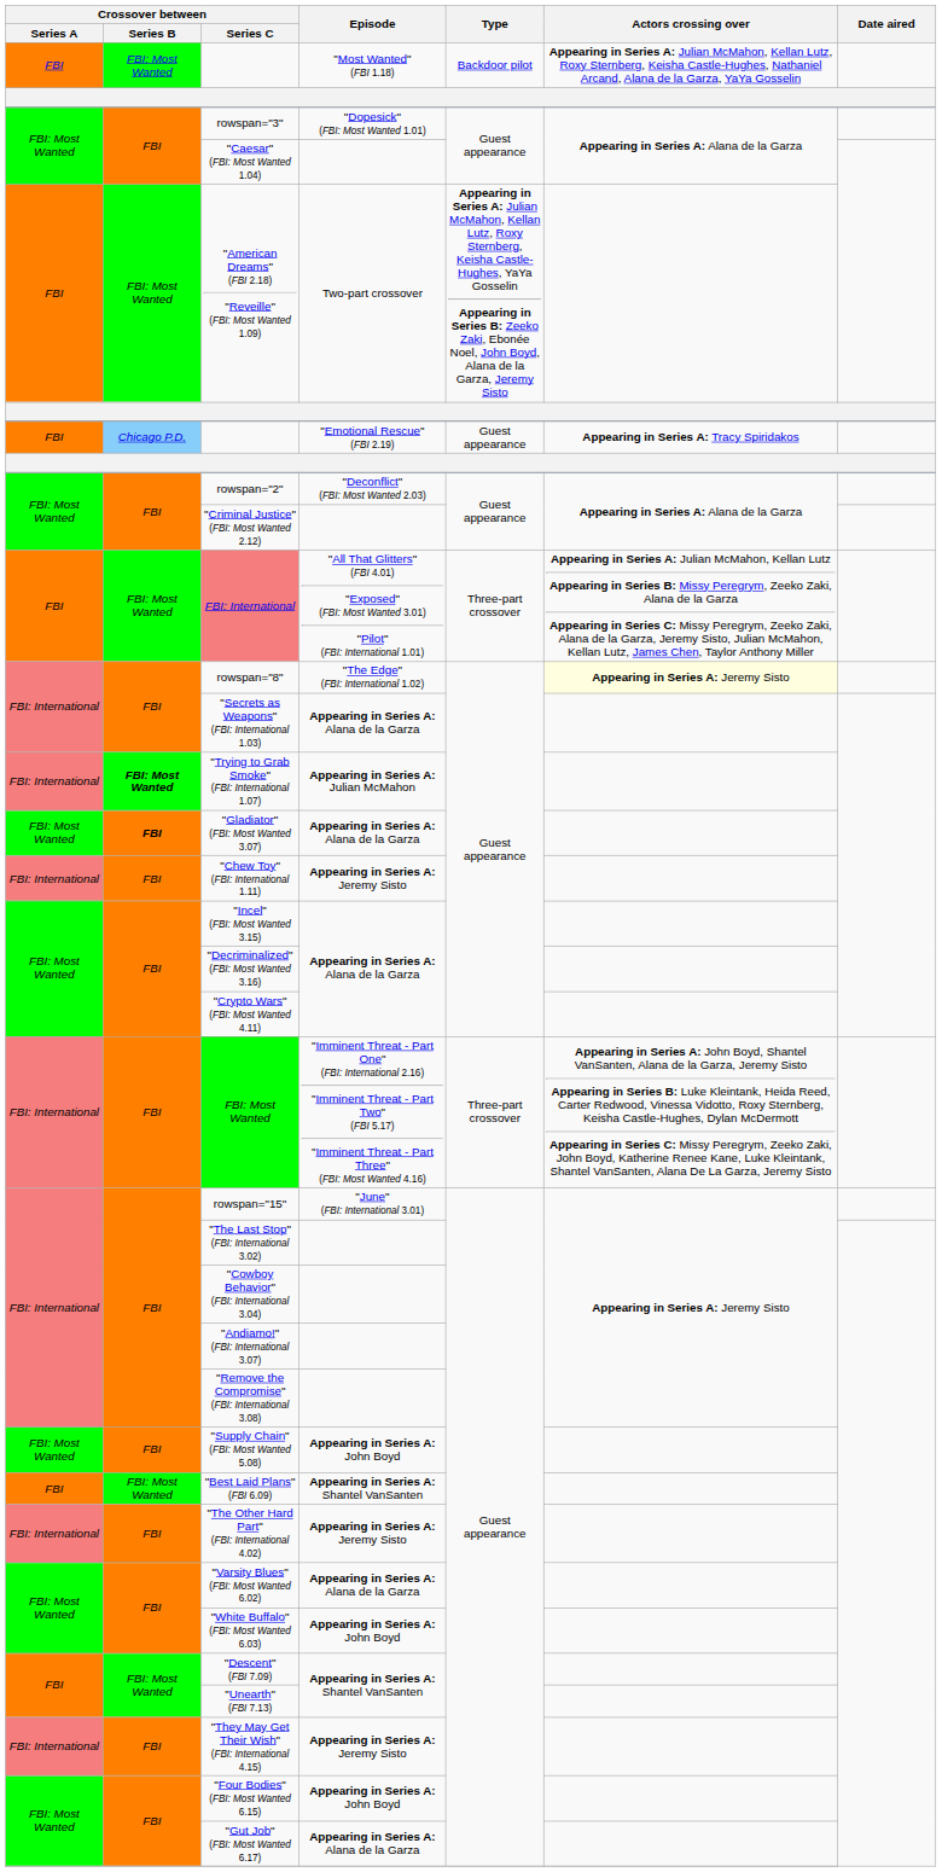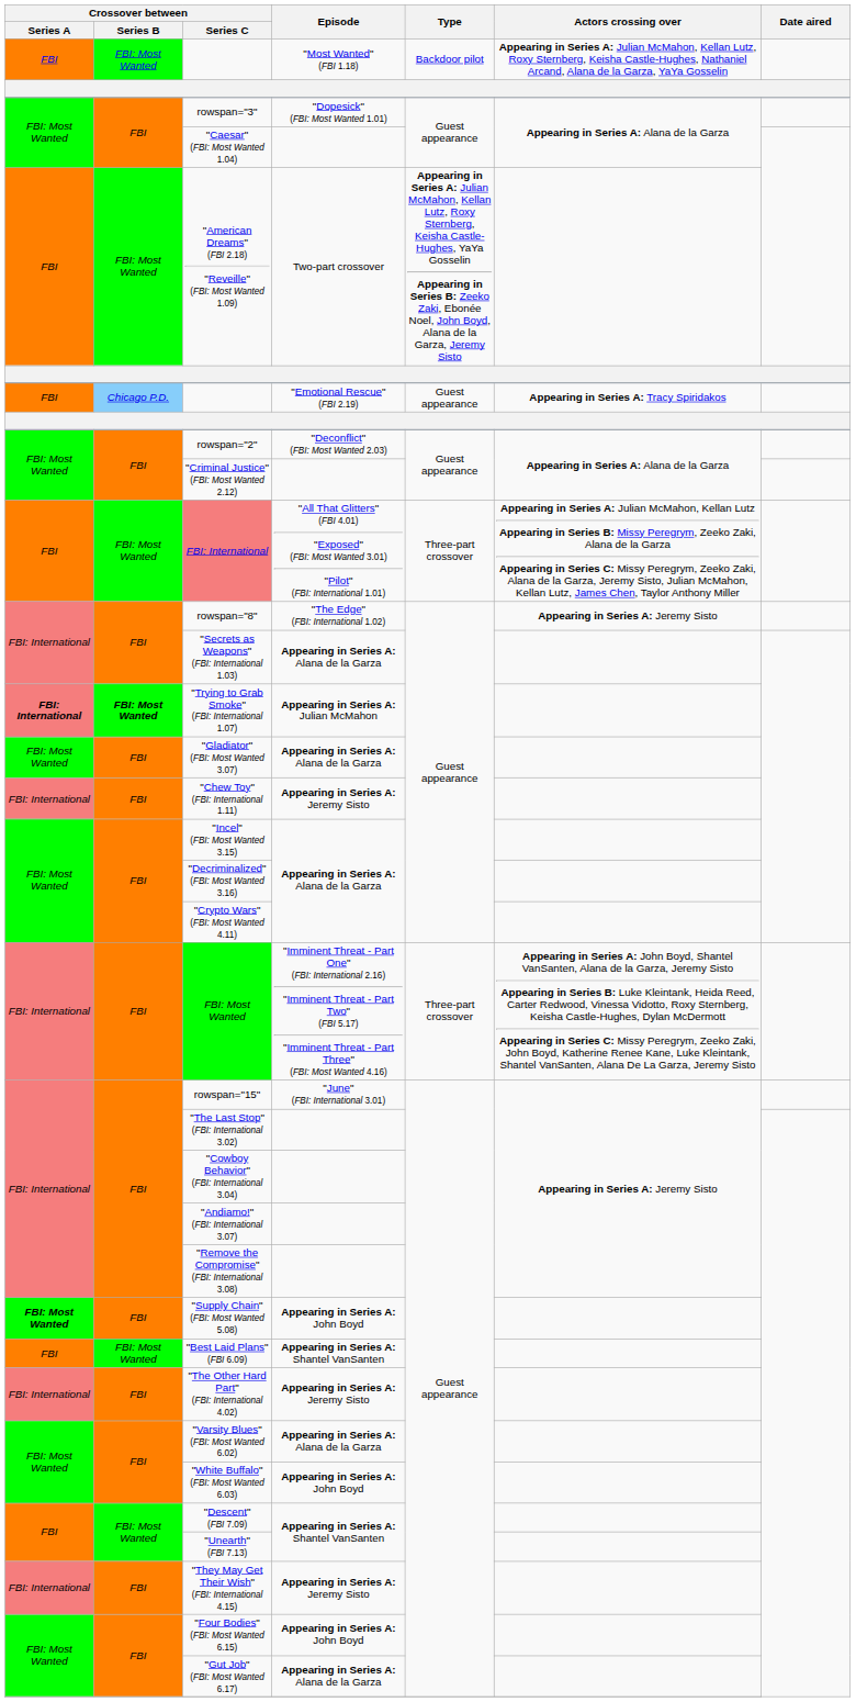 <table class="wikitable" width="100%" style="text-align:center;">
 <tr>
 <th colspan="3" width="30%">Crossover between</th>
 <th rowspan="2" width="15%">Episode</th>
 <th rowspan="2" width="10%">Type</th>
 <th rowspan="2" width="30%">Actors crossing over</th>
 <th rowspan="2" width="10%">Date aired</th>
 </tr>
 <tr>
 <th width="10%">Series A</th>
 <th width="10%">Series B</th>
 <th width="10%">Series C</th>
 </tr>
 <tr>
 <td bgcolor=#FF7F00><em><a href='#'>FBI</a></em></td>
 <td bgcolor=#00FF00><em><a href='#'>FBI: Most Wanted</a></em></td>
 <td></td>
 <td>"<a href='#'>Most Wanted</a>"<br><small>(<em>FBI</em> 1.18)</small></td>
 <td><a href='#'>Backdoor pilot</a></td>
 <td><strong>Appearing in Series A:</strong> <a href='#'>Julian McMahon</a>, <a href='#'>Kellan Lutz</a>, <a href='#'>Roxy Sternberg</a>, <a href='#'>Keisha Castle-Hughes</a>, <a href='#'>Nathaniel Arcand</a>, <a href='#'>Alana de la Garza</a>, <a href='#'>YaYa Gosselin</a></td>
 <td></td>
 </tr>
 <tr>
 <td colspan="7" bgcolor=#F2F2F2 style="text-align:left; border-bottom:2px solid #a2a9b1"><br></td>
 </tr>
 <tr>
 <td rowspan="2" style="background:#00FF00;"><em>FBI: Most Wanted</em></td>
 <td rowspan="2" style="background:#FF7F00;"><em>FBI</em></td>
 <td>rowspan="3" </td>
 <td>"<a href='#'>Dopesick</a>"<br><small>(<em>FBI: Most Wanted</em> 1.01)</small></td>
 <td rowspan="2">Guest appearance</td>
 <td rowspan="2"><strong>Appearing in Series A:</strong> Alana de la Garza</td>
 <td><br></td>
 </tr>
 <tr>
 <td>"<a href='#'>Caesar</a>"<br><small>(<em>FBI: Most Wanted</em> 1.04)</small></td>
 <td><br></td>
 </tr>
 <tr>
 <td style="background:#FF7F00;"><em>FBI</em></td>
 <td style="background:#00FF00;"><em>FBI: Most Wanted</em></td>
 <td>"<a href='#'>American Dreams</a>"<br><small>(<em>FBI</em> 2.18)</small><hr> "<a href='#'>Reveille</a>"<br><small>(<em>FBI: Most Wanted</em> 1.09)</small></td>
 <td>Two-part crossover</td>
 <td><strong>Appearing in Series A:</strong> <a href='#'>Julian McMahon</a>, <a href='#'>Kellan Lutz</a>, <a href='#'>Roxy Sternberg</a>, <a href='#'>Keisha Castle-Hughes</a>, YaYa Gosselin <hr><strong>Appearing in Series B:</strong> <a href='#'>Zeeko Zaki</a>, Ebonée Noel, <a href='#'>John Boyd</a>, Alana de la Garza, <a href='#'>Jeremy Sisto</a></td>
 <td></td>
 </tr>
 <tr>
 <td colspan="7" bgcolor=#F2F2F2 style="text-align:left; border-bottom:2px solid #a2a9b1"><br></td>
 </tr>
 <tr>
 <td style="background:#FF7F00;"><em>FBI</em></td>
 <td style="background:#87cefa;"><em><a href='#'>Chicago P.D.</a></em></td>
 <td></td>
 <td>"<a href='#'>Emotional Rescue</a>"<br><small>(<em>FBI</em> 2.19)</small></td>
 <td>Guest appearance</td>
 <td><strong>Appearing in Series A:</strong> <a href='#'>Tracy Spiridakos</a></td>
 <td></td>
 </tr>
 <tr>
 <td colspan="7" bgcolor=#F2F2F2 style="text-align:left; border-bottom:2px solid #a2a9b1"><br></td>
 </tr>
 <tr>
 <td rowspan="2" style="background:#00FF00;"><em>FBI: Most Wanted</em></td>
 <td rowspan="2" style="background:#FF7F00;"><em>FBI</em></td>
 <td>rowspan="2" </td>
 <td>"<a href='#'>Deconflict</a>"<br><small>(<em>FBI: Most Wanted</em> 2.03)</small></td>
 <td rowspan="2">Guest appearance</td>
 <td rowspan="2"><strong>Appearing in Series A:</strong> Alana de la Garza</td>
 <td><br></td>
 </tr>
 <tr>
 <td>"<a href='#'>Criminal Justice</a>"<br><small>(<em>FBI: Most Wanted</em> 2.12)</small></td>
 <td><br></td>
 </tr>
 <tr>
 <td style="background:#FF7F00;"><em>FBI</em></td>
 <td style="background:#00FF00;"><em>FBI: Most Wanted</em></td>
 <td style="background:#F57D7D"><em><a href='#'>FBI: International</a></em></td>
 <td>"<a href='#'>All That Glitters</a>"<br><small>(<em>FBI</em> 4.01)</small><hr> "<a href='#'>Exposed</a>"<br><small>(<em>FBI: Most Wanted</em> 3.01)</small><hr> "<a href='#'>Pilot</a>"<br><small>(<em>FBI: International</em> 1.01)</small></td>
 <td>Three-part crossover</td>
 <td><strong>Appearing in Series A:</strong> Julian McMahon, Kellan Lutz <hr><strong>Appearing in Series B:</strong> <a href='#'>Missy Peregrym</a>, Zeeko Zaki, Alana de la Garza <hr><strong>Appearing in Series C:</strong> Missy Peregrym, Zeeko Zaki, Alana de la Garza, Jeremy Sisto, Julian McMahon, Kellan Lutz, <a href='#'>James Chen</a>, Taylor Anthony Miller</td>
 <td><br></td>
 </tr>
 <tr>
 <td rowspan="2" style="background:#F57D7D;"><em>FBI: International</em></td>
 <td rowspan="2" style="background:#FF7F00;"><em>FBI</em></td>
 <td>rowspan="8" </td>
 <td>"<a href='#'>The Edge</a>"<br><small>(<em>FBI: International</em> 1.02)</small></td>
 <td rowspan="8">Guest appearance</td>
-<td style="background: lightyellow;"><strong>Appearing in Series A:</strong> Jeremy Sisto</td>
+<td><strong>Appearing in Series A:</strong> Jeremy Sisto</td>
 <td><br></td>
 </tr>
 <tr>
 <td>"<a href='#'>Secrets as Weapons</a>"<br><small>(<em>FBI: International</em> 1.03)</small></td>
 <td><strong>Appearing in Series A:</strong> Alana de la Garza</td>
 <td><br></td>
 </tr>
 <tr>
-<td style="background:#F57D7D;"><em>FBI: International</em></td>
+<td style="background:#F57D7D;"><strong><em>FBI: International</em></strong></td>
 <td style="background:#00FF00;"><strong><em>FBI: Most Wanted</em></strong></td>
 <td>"<a href='#'>Trying to Grab Smoke</a>"<br><small>(<em>FBI: International</em> 1.07)</small></td>
 <td><strong>Appearing in Series A:</strong> Julian McMahon</td>
 <td><br></td>
 </tr>
 <tr>
 <td style="background:#00FF00;"><em>FBI: Most Wanted</em></td>
-<td style="background:#FF7F00;"><strong><em>FBI</em></strong></td>
+<td style="background:#FF7F00;"><em>FBI</em></td>
 <td>"<a href='#'>Gladiator</a>"<br><small>(<em>FBI: Most Wanted</em> 3.07)</small></td>
 <td><strong>Appearing in Series A:</strong> Alana de la Garza</td>
 <td><br></td>
 </tr>
 <tr>
 <td style="background:#F57D7D;"><em>FBI: International</em></td>
 <td style="background:#FF7F00;"><em>FBI</em></td>
 <td>"<a href='#'>Chew Toy</a>"<br><small>(<em>FBI: International</em> 1.11)</small></td>
 <td><strong>Appearing in Series A:</strong> Jeremy Sisto</td>
 <td><br></td>
 </tr>
 <tr>
 <td rowspan="3" style="background:#00FF00;"><em>FBI: Most Wanted</em></td>
 <td rowspan="3" style="background:#FF7F00;"><em>FBI</em></td>
 <td>"<a href='#'>Incel</a>"<br><small>(<em>FBI: Most Wanted</em> 3.15)</small></td>
 <td rowspan="3"><strong>Appearing in Series A:</strong> Alana de la Garza</td>
 <td><br></td>
 </tr>
 <tr>
 <td>"<a href='#'>Decriminalized</a>"<br><small>(<em>FBI: Most Wanted</em> 3.16)</small></td>
 <td><br></td>
 </tr>
 <tr>
 <td>"<a href='#'>Crypto Wars</a>"<br><small>(<em>FBI: Most Wanted</em> 4.11)</small></td>
 <td><br></td>
 </tr>
 <tr>
 <td style="background:#F57D7D"><em>FBI: International</em></td>
 <td style="background:#FF7F00;"><em>FBI</em></td>
 <td style="background:#00FF00;"><em>FBI: Most Wanted</em></td>
 <td>"<a href='#'>Imminent Threat - Part One</a>"<br><small>(<em>FBI: International</em> 2.16)</small><hr>"<a href='#'>Imminent Threat - Part Two</a>"<br><small>(<em>FBI</em> 5.17)</small><hr>"<a href='#'>Imminent Threat - Part Three</a>"<br><small>(<em>FBI: Most Wanted</em> 4.16)</small></td>
 <td>Three-part crossover</td>
 <td><strong>Appearing in Series A:</strong> John Boyd, Shantel VanSanten, Alana de la Garza, Jeremy Sisto <hr><strong>Appearing in Series B:</strong> Luke Kleintank, Heida Reed, Carter Redwood, Vinessa Vidotto, Roxy Sternberg, Keisha Castle-Hughes, Dylan McDermott<hr><strong>Appearing in Series C:</strong> Missy Peregrym, Zeeko Zaki, John Boyd, Katherine Renee Kane, Luke Kleintank, Shantel VanSanten, Alana De La Garza, Jeremy Sisto</td>
 <td></td>
 </tr>
 <tr>
 <td rowspan="5" style="background:#F57D7D;"><em>FBI: International</em></td>
 <td rowspan="5" style="background:#FF7F00;"><em>FBI</em></td>
 <td>rowspan="15" </td>
 <td>"<a href='#'>June</a>"<br><small>(<em>FBI: International</em> 3.01)</small></td>
 <td rowspan="15">Guest appearance</td>
 <td rowspan="5"><strong>Appearing in Series A:</strong> Jeremy Sisto</td>
 <td><br></td>
 </tr>
 <tr>
 <td>"<a href='#'>The Last Stop</a>"<br><small>(<em>FBI: International</em> 3.02)</small></td>
 <td><br></td>
 </tr>
 <tr>
 <td>"<a href='#'>Cowboy Behavior</a>"<br><small>(<em>FBI: International </em>3.04)</small></td>
 <td><br></td>
 </tr>
 <tr>
 <td>"<a href='#'>Andiamo!</a>"<br><small>(<em>FBI: International </em>3.07)</small></td>
 <td><br></td>
 </tr>
 <tr>
 <td>"<a href='#'>Remove the Compromise</a>"<br><small>(<em>FBI: International </em>3.08)</small></td>
 <td><br></td>
 </tr>
 <tr>
-<td rowspan="1" style="background:#00FF00;"><em>FBI: Most Wanted</em></td>
+<td rowspan="1" style="background:#00FF00;"><strong><em>FBI: Most Wanted</em></strong></td>
 <td rowspan="1" style="background:#FF7F00;"><em>FBI</em></td>
 <td>"<a href='#'>Supply Chain</a>"<br><small>(<em>FBI: Most Wanted</em> 5.08)</small></td>
 <td><strong>Appearing in Series A:</strong> John Boyd</td>
 <td><br></td>
 </tr>
 <tr>
 <td rowspan="1" style="background:#FF7F00;"><em>FBI</em></td>
 <td rowspan="1" style="background:#00FF00;"><em>FBI: Most Wanted</em></td>
 <td>"<a href='#'>Best Laid Plans</a>"<br><small>(<em>FBI</em> 6.09)</small></td>
 <td><strong>Appearing in Series A:</strong> Shantel VanSanten</td>
 <td></td>
 </tr>
 <tr>
 <td rowspan="1" style="background:#F57D7D;"><em>FBI: International</em></td>
 <td rowspan="1" style="background:#FF7F00;"><em>FBI</em></td>
 <td>"<a href='#'>The Other Hard Part</a>"<br><small>(<em>FBI: International</em> 4.02)</small></td>
 <td rowspan="1"><strong>Appearing in Series A:</strong> Jeremy Sisto</td>
 <td></td>
 </tr>
 <tr>
 <td rowspan="2" style="background:#00FF00;"><em>FBI: Most Wanted</em></td>
 <td rowspan="2" style="background:#FF7F00;"><em>FBI</em></td>
 <td>"<a href='#'>Varsity Blues</a>"<br><small>(<em>FBI: Most Wanted</em> 6.02)</small></td>
 <td><strong>Appearing in Series A:</strong> Alana de la Garza</td>
 <td></td>
 </tr>
 <tr>
 <td>"<a href='#'>White Buffalo</a>"<br><small>(<em>FBI: Most Wanted</em> 6.03)</small></td>
 <td><strong>Appearing in Series A:</strong> John Boyd</td>
 <td></td>
 </tr>
 <tr>
 <td rowspan="2" style="background:#FF7F00;"><em>FBI</em></td>
 <td rowspan="2" style="background:#00FF00;"><em>FBI: Most Wanted</em></td>
 <td>"<a href='#'>Descent</a>"<br><small>(<em>FBI</em> 7.09)</small></td>
 <td rowspan="2"><strong>Appearing in Series A:</strong> Shantel VanSanten</td>
 <td></td>
 </tr>
 <tr>
 <td>"<a href='#'>Unearth</a>"<br><small>(<em>FBI</em> 7.13)</small></td>
 <td></td>
 </tr>
 <tr>
 <td rowspan="1" style="background:#F57D7D;"><em>FBI: International</em></td>
 <td rowspan="1" style="background:#FF7F00;"><em>FBI</em></td>
 <td>"<a href='#'>They May Get Their Wish</a>"<br><small>(<em>FBI: International</em> 4.15)</small></td>
 <td rowspan="1"><strong>Appearing in Series A:</strong> Jeremy Sisto</td>
 <td></td>
 </tr>
 <tr>
 <td rowspan="2" style="background:#00FF00;"><em>FBI: Most Wanted</em></td>
 <td rowspan="2" style="background:#FF7F00;"><em>FBI</em></td>
 <td>"<a href='#'>Four Bodies</a>"<br><small>(<em>FBI: Most Wanted</em> 6.15)</small></td>
 <td><strong>Appearing in Series A:</strong> John Boyd</td>
 <td></td>
 </tr>
 <tr>
 <td>"<a href='#'>Gut Job</a>"<br><small>(<em>FBI: Most Wanted</em> 6.17)</small></td>
 <td><strong>Appearing in Series A:</strong> Alana de la Garza</td>
 <td></td>
 </tr>
 <tr>
 </tr>
 </table>
